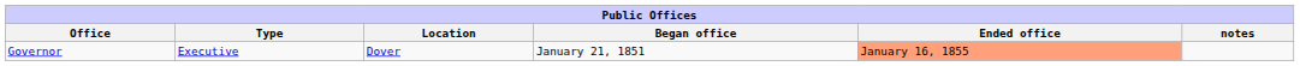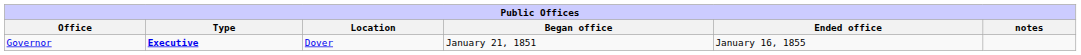 <table class=wikitable style="width: 94%" style="text-align: center;" align="center">
 <tr bgcolor=#cccccc>
 <th colspan=7 style="background: #ccccff;">Public Offices</th>
 </tr>
 <tr>
 <th><strong>Office</strong></th>
 <th><strong>Type</strong></th>
 <th><strong>Location</strong></th>
 <th><strong>Began office</strong></th>
 <th><strong>Ended office</strong></th>
 <th><strong>notes</strong></th>
 </tr>
 <tr>
 <td><a href='#'>Governor</a></td>
-<td><a href='#'>Executive</a></td>
+<td><strong><a href='#'>Executive</a></strong></td>
 <td><a href='#'>Dover</a></td>
 <td>January 21, 1851</td>
-<td style="background: lightsalmon;">January 16, 1855</td>
+<td>January 16, 1855</td>
 <td></td>
 </tr>
 </table>
